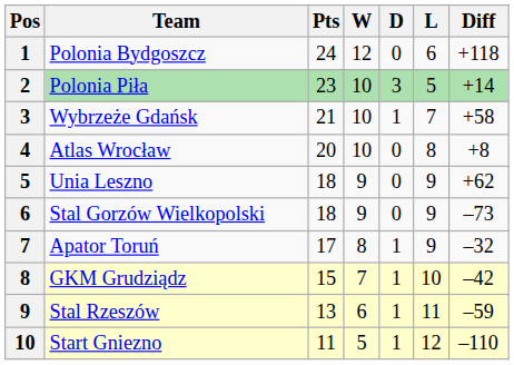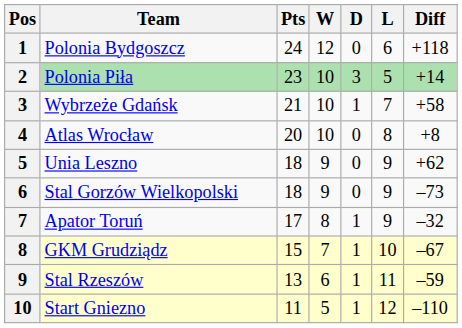 <table class="wikitable" style="font-size: 100%">
 <tr>
 <th width=20>Pos</th>
 <th width=200>Team</th>
 <th width=20>Pts</th>
 <th width=20>W</th>
 <th width=20>D</th>
 <th width=20>L</th>
 <th width=40>Diff</th>
 </tr>
 <tr align=center>
 <th>1</th>
 <td align=left><a href='#'>Polonia Bydgoszcz</a></td>
 <td>24</td>
 <td>12</td>
 <td>0</td>
 <td>6</td>
 <td>+118</td>
 </tr>
 <tr align=center style="background:#ACE1AF;">
 <th>2</th>
 <td align=left><a href='#'>Polonia Piła</a></td>
 <td>23</td>
 <td>10</td>
 <td>3</td>
 <td>5</td>
 <td>+14</td>
 </tr>
 <tr align=center>
 <th>3</th>
 <td align=left><a href='#'>Wybrzeże Gdańsk</a></td>
 <td>21</td>
 <td>10</td>
 <td>1</td>
 <td>7</td>
 <td>+58</td>
 </tr>
 <tr align=center>
 <th>4</th>
 <td align=left><a href='#'>Atlas Wrocław</a></td>
 <td>20</td>
 <td>10</td>
 <td>0</td>
 <td>8</td>
 <td>+8</td>
 </tr>
 <tr align=center>
 <th>5</th>
 <td align=left><a href='#'>Unia Leszno</a></td>
 <td>18</td>
 <td>9</td>
 <td>0</td>
 <td>9</td>
 <td>+62</td>
 </tr>
 <tr align=center>
 <th>6</th>
 <td align=left><a href='#'>Stal Gorzów Wielkopolski</a></td>
 <td>18</td>
 <td>9</td>
 <td>0</td>
 <td>9</td>
 <td>–73</td>
 </tr>
 <tr align=center>
 <th>7</th>
 <td align=left><a href='#'>Apator Toruń</a></td>
 <td>17</td>
 <td>8</td>
 <td>1</td>
 <td>9</td>
 <td>–32</td>
 </tr>
 <tr align=center style="background: #ffffcc;">
 <th>8</th>
 <td align=left><a href='#'>GKM Grudziądz</a></td>
 <td>15</td>
 <td>7</td>
 <td>1</td>
 <td>10</td>
-<td>–42</td>
+<td>–67</td>
 </tr>
 <tr align=center style="background: #ffffcc;">
 <th>9</th>
 <td align=left><a href='#'>Stal Rzeszów</a></td>
 <td>13</td>
 <td>6</td>
 <td>1</td>
 <td>11</td>
 <td>–59</td>
 </tr>
 <tr align=center style="background: #ffffcc;">
 <th>10</th>
 <td align=left><a href='#'>Start Gniezno</a></td>
 <td>11</td>
 <td>5</td>
 <td>1</td>
 <td>12</td>
 <td>–110</td>
 </tr>
 </table>
